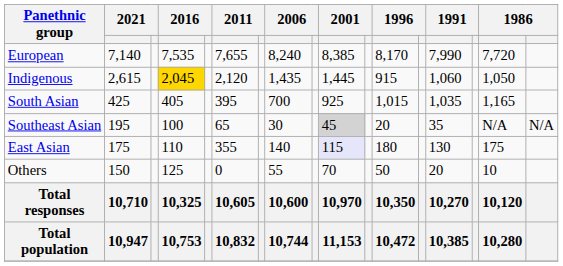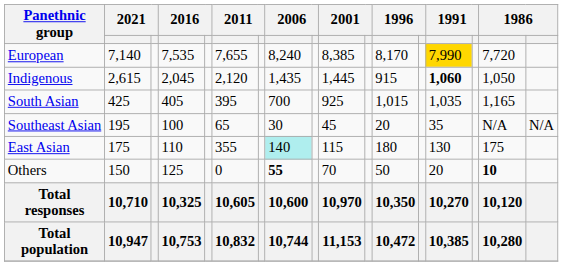 <table class="wikitable collapsible sortable">
 <tr>
 <th rowspan="2"><a href='#'>Panethnic</a><br>group</th>
 <th colspan="2">2021</th>
 <th colspan="2">2016</th>
 <th colspan="2">2011</th>
 <th colspan="2">2006</th>
 <th colspan="2">2001</th>
 <th colspan="2">1996</th>
 <th colspan="2">1991</th>
 <th colspan="2">1986</th>
 </tr>
 <tr>
 <th><a href='#'></a></th>
 <th></th>
 <th></th>
 <th></th>
 <th></th>
 <th></th>
 <th></th>
 <th></th>
 <th></th>
 <th></th>
 <th></th>
 <th></th>
 <th></th>
 <th></th>
 <th></th>
 <th></th>
 </tr>
 <tr>
 <td><a href='#'>European</a></td>
 <td>7,140</td>
 <td></td>
 <td>7,535</td>
 <td></td>
 <td>7,655</td>
 <td></td>
 <td>8,240</td>
 <td></td>
 <td>8,385</td>
 <td></td>
 <td>8,170</td>
 <td></td>
-<td>7,990</td>
+<td style="background: gold;">7,990</td>
 <td></td>
 <td>7,720</td>
 <td></td>
 </tr>
 <tr>
 <td><a href='#'>Indigenous</a></td>
 <td>2,615</td>
 <td></td>
-<td style="background: gold;">2,045</td>
+<td>2,045</td>
 <td></td>
 <td>2,120</td>
 <td></td>
 <td>1,435</td>
 <td></td>
 <td>1,445</td>
 <td></td>
 <td>915</td>
 <td></td>
-<td>1,060</td>
+<td><strong>1,060</strong></td>
 <td></td>
 <td>1,050</td>
 <td></td>
 </tr>
 <tr>
 <td><a href='#'>South Asian</a></td>
 <td>425</td>
 <td></td>
 <td>405</td>
 <td></td>
 <td>395</td>
 <td></td>
 <td>700</td>
 <td></td>
 <td>925</td>
 <td></td>
 <td>1,015</td>
 <td></td>
 <td>1,035</td>
 <td></td>
 <td>1,165</td>
 <td></td>
 </tr>
 <tr>
 <td><a href='#'>Southeast Asian</a></td>
 <td>195</td>
 <td></td>
 <td>100</td>
 <td></td>
 <td>65</td>
 <td></td>
 <td>30</td>
 <td></td>
-<td style="background: lightgrey;">45</td>
+<td>45</td>
 <td></td>
 <td>20</td>
 <td></td>
 <td>35</td>
 <td></td>
 <td>N/A</td>
 <td>N/A</td>
 </tr>
 <tr>
 <td><a href='#'>East Asian</a></td>
 <td>175</td>
 <td></td>
 <td>110</td>
 <td></td>
 <td>355</td>
 <td></td>
-<td>140</td>
+<td style="background: paleturquoise;">140</td>
 <td></td>
-<td style="background: lavender;">115</td>
+<td>115</td>
 <td></td>
 <td>180</td>
 <td></td>
 <td>130</td>
 <td></td>
 <td>175</td>
 <td></td>
 </tr>
 <tr>
 <td>Others</td>
 <td>150</td>
 <td></td>
 <td>125</td>
 <td></td>
 <td>0</td>
 <td></td>
-<td>55</td>
+<td><strong>55</strong></td>
 <td></td>
 <td>70</td>
 <td></td>
 <td>50</td>
 <td></td>
 <td>20</td>
 <td></td>
-<td>10</td>
+<td><strong>10</strong></td>
 <td></td>
 </tr>
 <tr>
 <th>Total<br>responses</th>
 <th>10,710</th>
 <th></th>
 <th>10,325</th>
 <th></th>
 <th>10,605</th>
 <th></th>
 <th>10,600</th>
 <th></th>
 <th>10,970</th>
 <th></th>
 <th>10,350</th>
 <th></th>
 <th>10,270</th>
 <th></th>
 <th>10,120</th>
 <th></th>
 </tr>
 <tr>
 <th>Total<br>population</th>
 <th>10,947</th>
 <th></th>
 <th>10,753</th>
 <th></th>
 <th>10,832</th>
 <th></th>
 <th>10,744</th>
 <th></th>
 <th>11,153</th>
 <th></th>
 <th>10,472</th>
 <th></th>
 <th>10,385</th>
 <th></th>
 <th>10,280</th>
 <th></th>
 </tr>
 <tr>
 </tr>
 </table>
